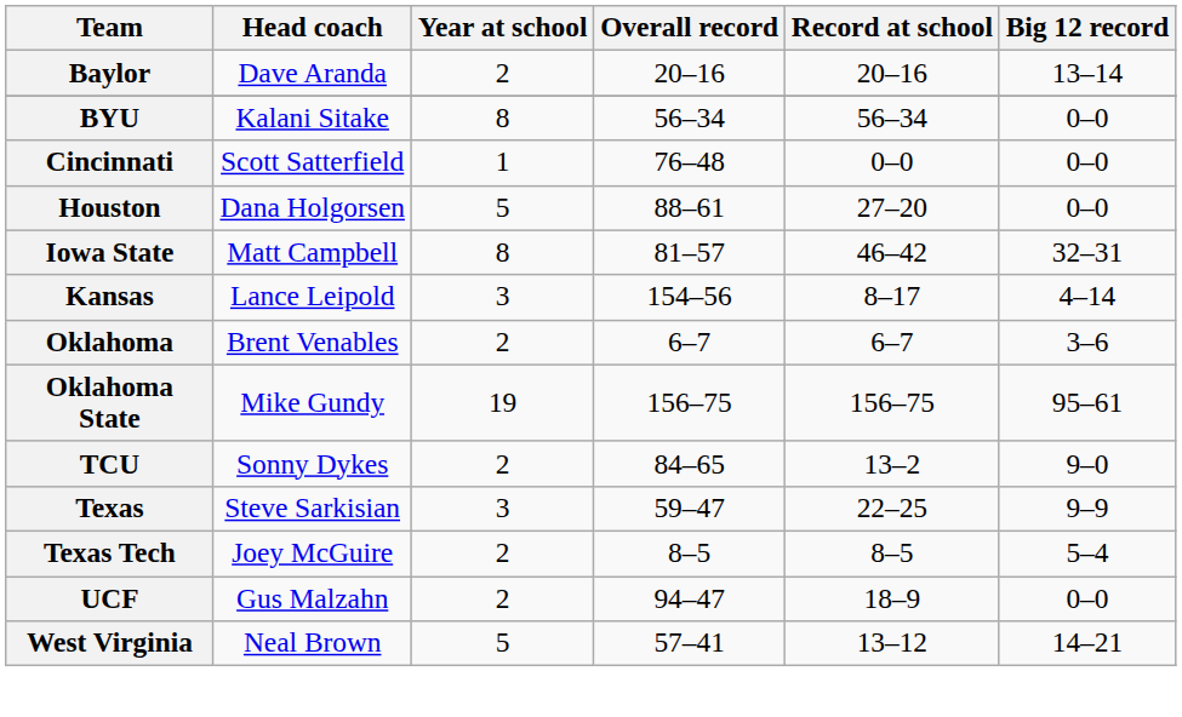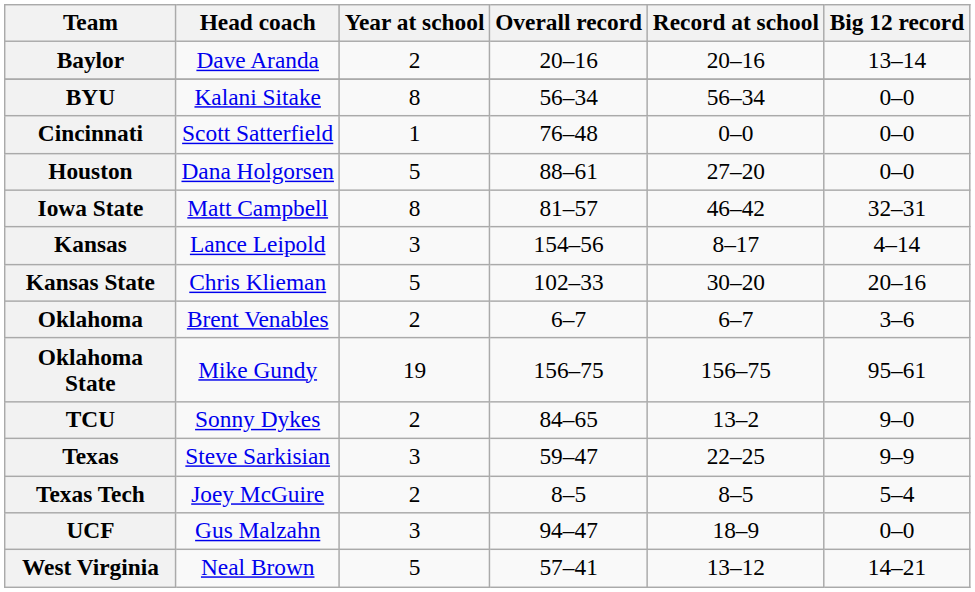 <table class="wikitable sortable" style="text-align: center;">
 <tr>
 <th style="width:110px;">Team</th>
 <th>Head coach</th>
 <th>Year at school</th>
 <th>Overall record</th>
 <th>Record at school</th>
 <th>Big 12 record</th>
 </tr>
 <tr>
 <th>Baylor</th>
 <td><a href='#'>Dave Aranda</a></td>
 <td>2</td>
 <td>20–16</td>
 <td>20–16</td>
 <td>13–14</td>
 </tr>
 <tr>
 </tr>
 <tr>
 <th>BYU</th>
 <td><a href='#'>Kalani Sitake</a></td>
 <td>8</td>
 <td>56–34</td>
 <td>56–34</td>
 <td>0–0</td>
 </tr>
 <tr>
 <th>Cincinnati</th>
 <td><a href='#'>Scott Satterfield</a></td>
 <td>1</td>
 <td>76–48</td>
 <td>0–0</td>
 <td>0–0</td>
 </tr>
 <tr>
 <th>Houston</th>
 <td><a href='#'>Dana Holgorsen</a></td>
 <td>5</td>
 <td>88–61</td>
 <td>27–20</td>
 <td>0–0</td>
 </tr>
 <tr>
 <th>Iowa State</th>
 <td><a href='#'>Matt Campbell</a></td>
 <td>8</td>
 <td>81–57</td>
 <td>46–42</td>
 <td>32–31</td>
 </tr>
 <tr>
 <th>Kansas</th>
 <td><a href='#'>Lance Leipold</a></td>
 <td>3</td>
 <td>154–56</td>
 <td>8–17</td>
 <td>4–14</td>
 </tr>
 <tr>
+<th>Kansas State</th>
+<td><a href='#'>Chris Klieman</a></td>
+<td>5</td>
+<td>102–33</td>
+<td>30–20</td>
+<td>20–16</td>
+</tr>
+<tr>
 <th>Oklahoma</th>
 <td><a href='#'>Brent Venables</a></td>
 <td>2</td>
 <td>6–7</td>
 <td>6–7</td>
 <td>3–6</td>
 </tr>
 <tr>
 <th>Oklahoma State</th>
 <td><a href='#'>Mike Gundy</a></td>
 <td>19</td>
 <td>156–75</td>
 <td>156–75</td>
 <td>95–61</td>
 </tr>
 <tr>
 <th>TCU</th>
 <td><a href='#'>Sonny Dykes</a></td>
 <td>2</td>
 <td>84–65</td>
 <td>13–2</td>
 <td>9–0</td>
 </tr>
 <tr>
 <th>Texas</th>
 <td><a href='#'>Steve Sarkisian</a></td>
 <td>3</td>
 <td>59–47</td>
 <td>22–25</td>
 <td>9–9</td>
 </tr>
 <tr>
 <th>Texas Tech</th>
 <td><a href='#'>Joey McGuire</a></td>
 <td>2</td>
 <td>8–5</td>
 <td>8–5</td>
 <td>5–4</td>
 </tr>
 <tr>
 <th>UCF</th>
 <td><a href='#'>Gus Malzahn</a></td>
-<td>2</td>
+<td>3</td>
 <td>94–47</td>
 <td>18–9</td>
 <td>0–0</td>
 </tr>
 <tr>
 <th>West Virginia</th>
 <td><a href='#'>Neal Brown</a></td>
 <td>5</td>
 <td>57–41</td>
 <td>13–12</td>
 <td>14–21</td>
 </tr>
 </table>
